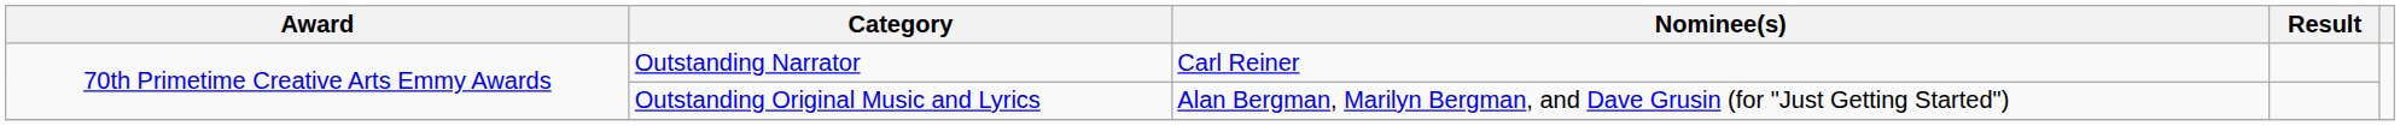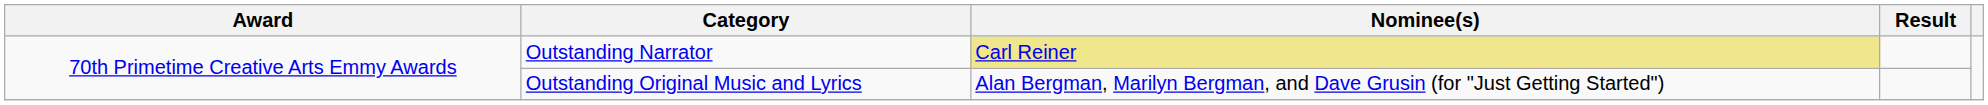 <table class="wikitable sortable" style="width:100%">
 <tr>
 <th scope="col">Award</th>
 <th scope="col">Category</th>
 <th>Nominee(s)</th>
 <th scope="col">Result</th>
 <th scope="col" class="unsortable"></th>
 </tr>
 <tr>
 <td align="center" rowspan="2"><a href='#'>70th Primetime Creative Arts Emmy Awards</a></td>
 <td><a href='#'>Outstanding Narrator</a></td>
-<td><a href='#'>Carl Reiner</a></td>
+<td style="background: khaki;"><a href='#'>Carl Reiner</a></td>
 <td></td>
 <td align="center" rowspan="2"></td>
 </tr>
 <tr>
 <td><a href='#'>Outstanding Original Music and Lyrics</a></td>
 <td><a href='#'>Alan Bergman</a>, <a href='#'>Marilyn Bergman</a>, and <a href='#'>Dave Grusin</a> (for "Just Getting Started")</td>
 <td></td>
 </tr>
 <tr>
 </tr>
 </table>
